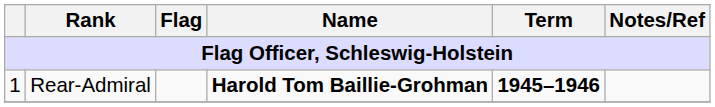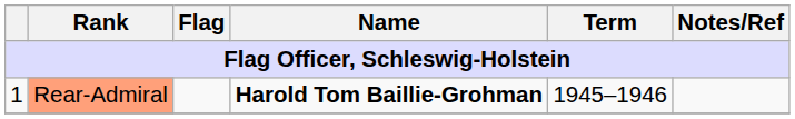 <table class="wikitable">
 <tr>
 <th></th>
 <th>Rank</th>
 <th>Flag</th>
 <th>Name</th>
 <th>Term</th>
 <th>Notes/Ref</th>
 </tr>
 <tr>
 <td colspan="6" align="center" style="background:#dcdcfe;"><strong>Flag Officer, Schleswig-Holstein</strong></td>
 </tr>
 <tr>
 <td>1</td>
-<td>Rear-Admiral</td>
+<td style="background: lightsalmon;">Rear-Admiral</td>
 <td></td>
 <td><strong>Harold Tom Baillie-Grohman</strong></td>
-<td><strong>1945–1946</strong></td>
+<td>1945–1946</td>
 <td></td>
 </tr>
 <tr>
 </tr>
 </table>
